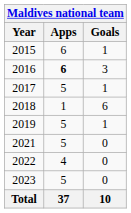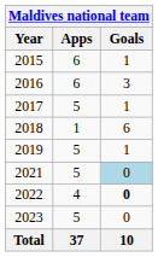 <table class="wikitable" style="text-align:center">
 <tr>
 <th colspan=3><a href='#'>Maldives national team</a></th>
 </tr>
 <tr>
 <th>Year</th>
 <th>Apps</th>
 <th>Goals</th>
 </tr>
 <tr>
 <td>2015</td>
 <td>6</td>
 <td>1</td>
 </tr>
 <tr>
 <td>2016</td>
-<td><strong>6</strong></td>
+<td>6</td>
 <td>3</td>
 </tr>
 <tr>
 <td>2017</td>
 <td>5</td>
 <td>1</td>
 </tr>
 <tr>
 <td>2018</td>
 <td>1</td>
 <td>6</td>
 </tr>
 <tr>
 <td>2019</td>
 <td>5</td>
 <td>1</td>
 </tr>
 <tr>
 <td>2021</td>
 <td>5</td>
-<td>0</td>
+<td style="background: lightblue;">0</td>
 </tr>
 <tr>
 <td>2022</td>
 <td>4</td>
-<td>0</td>
+<td><strong>0</strong></td>
 </tr>
 <tr>
 <td>2023</td>
 <td>5</td>
 <td>0</td>
 </tr>
 <tr>
 <th>Total</th>
 <th>37</th>
 <th>10</th>
 </tr>
 </table>
